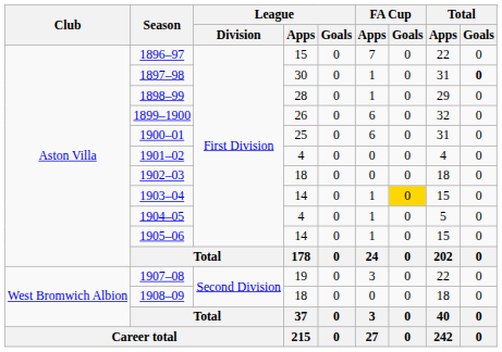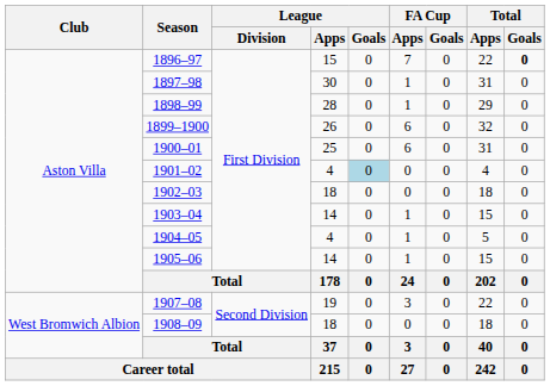 <table class="wikitable" style="text-align: center;">
 <tr>
 <th rowspan="2">Club</th>
 <th rowspan="2">Season</th>
 <th colspan="3">League</th>
 <th colspan="2">FA Cup</th>
 <th colspan="2">Total</th>
 </tr>
 <tr>
 <th>Division</th>
 <th>Apps</th>
 <th>Goals</th>
 <th>Apps</th>
 <th>Goals</th>
 <th>Apps</th>
 <th>Goals</th>
 </tr>
 <tr>
 <td rowspan="11"><a href='#'>Aston Villa</a></td>
 <td><a href='#'>1896–97</a></td>
 <td rowspan="10"><a href='#'>First Division</a></td>
 <td>15</td>
 <td>0</td>
 <td>7</td>
 <td>0</td>
 <td>22</td>
-<td>0</td>
+<td><strong>0</strong></td>
 </tr>
 <tr>
 <td><a href='#'>1897–98</a></td>
 <td>30</td>
 <td>0</td>
 <td>1</td>
 <td>0</td>
 <td>31</td>
-<td><strong>0</strong></td>
+<td>0</td>
 </tr>
 <tr>
 <td><a href='#'>1898–99</a></td>
 <td>28</td>
 <td>0</td>
 <td>1</td>
 <td>0</td>
 <td>29</td>
 <td>0</td>
 </tr>
 <tr>
 <td><a href='#'>1899–1900</a></td>
 <td>26</td>
 <td>0</td>
 <td>6</td>
 <td>0</td>
 <td>32</td>
 <td>0</td>
 </tr>
 <tr>
 <td><a href='#'>1900–01</a></td>
 <td>25</td>
 <td>0</td>
 <td>6</td>
 <td>0</td>
 <td>31</td>
 <td>0</td>
 </tr>
 <tr>
 <td><a href='#'>1901–02</a></td>
 <td>4</td>
-<td>0</td>
+<td style="background: lightblue;">0</td>
 <td>0</td>
 <td>0</td>
 <td>4</td>
 <td>0</td>
 </tr>
 <tr>
 <td><a href='#'>1902–03</a></td>
 <td>18</td>
 <td>0</td>
 <td>0</td>
 <td>0</td>
 <td>18</td>
 <td>0</td>
 </tr>
 <tr>
 <td><a href='#'>1903–04</a></td>
 <td>14</td>
 <td>0</td>
 <td>1</td>
-<td style="background: gold;">0</td>
+<td>0</td>
 <td>15</td>
 <td>0</td>
 </tr>
 <tr>
 <td><a href='#'>1904–05</a></td>
 <td>4</td>
 <td>0</td>
 <td>1</td>
 <td>0</td>
 <td>5</td>
 <td>0</td>
 </tr>
 <tr>
 <td><a href='#'>1905–06</a></td>
 <td>14</td>
 <td>0</td>
 <td>1</td>
 <td>0</td>
 <td>15</td>
 <td>0</td>
 </tr>
 <tr>
 <th colspan="2">Total</th>
 <th>178</th>
 <th>0</th>
 <th>24</th>
 <th>0</th>
 <th>202</th>
 <th>0</th>
 </tr>
 <tr>
 <td rowspan="3"><a href='#'>West Bromwich Albion</a></td>
 <td><a href='#'>1907–08</a></td>
 <td rowspan="2"><a href='#'>Second Division</a></td>
 <td>19</td>
 <td>0</td>
 <td>3</td>
 <td>0</td>
 <td>22</td>
 <td>0</td>
 </tr>
 <tr>
 <td><a href='#'>1908–09</a></td>
 <td>18</td>
 <td>0</td>
 <td>0</td>
 <td>0</td>
 <td>18</td>
 <td>0</td>
 </tr>
 <tr>
 <th colspan="2">Total</th>
 <th>37</th>
 <th>0</th>
 <th>3</th>
 <th>0</th>
 <th>40</th>
 <th>0</th>
 </tr>
 <tr>
 <th colspan="3">Career total</th>
 <th>215</th>
 <th>0</th>
 <th>27</th>
 <th>0</th>
 <th>242</th>
 <th>0</th>
 </tr>
 </table>
